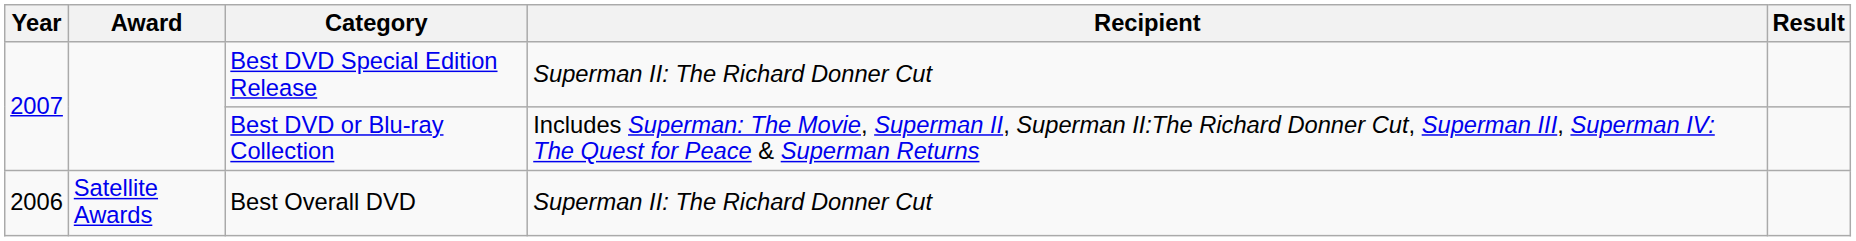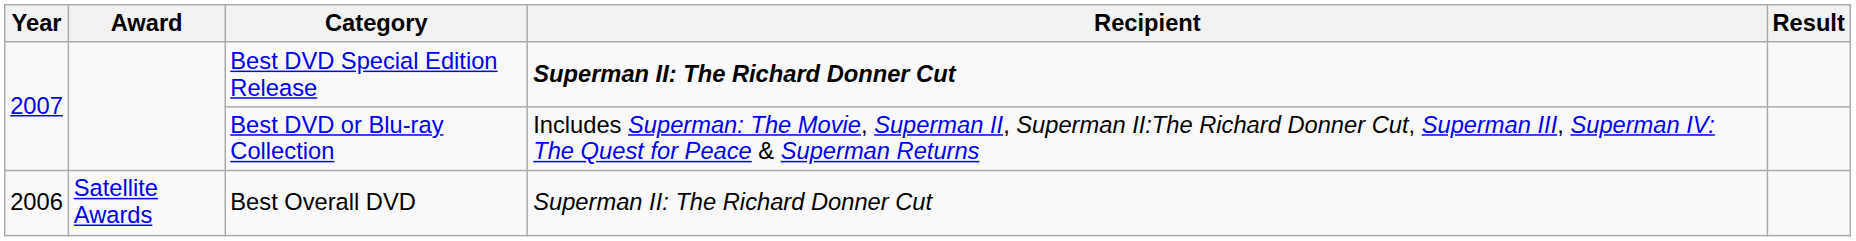 <table class="wikitable sortable">
 <tr>
 <th>Year</th>
 <th>Award</th>
 <th>Category</th>
 <th>Recipient</th>
 <th>Result</th>
 </tr>
 <tr>
 <td rowspan="2"><a href='#'>2007</a></td>
 <td rowspan="2"></td>
 <td><a href='#'>Best DVD Special Edition Release</a></td>
-<td><em>Superman II: The Richard Donner Cut</em></td>
+<td><strong><em>Superman II: The Richard Donner Cut</em></strong></td>
 <td></td>
 </tr>
 <tr>
 <td><a href='#'>Best DVD or Blu-ray Collection</a></td>
 <td>Includes <em><a href='#'>Superman: The Movie</a></em>, <em><a href='#'>Superman II</a></em>, <em>Superman II:The Richard Donner Cut</em>, <em><a href='#'>Superman III</a></em>, <em><a href='#'>Superman IV: The Quest for Peace</a></em> & <em><a href='#'>Superman Returns</a></em></td>
 <td></td>
 </tr>
 <tr>
 <td>2006</td>
 <td><a href='#'>Satellite Awards</a></td>
 <td>Best Overall DVD</td>
 <td><em>Superman II: The Richard Donner Cut</em></td>
 <td></td>
 </tr>
 </table>
